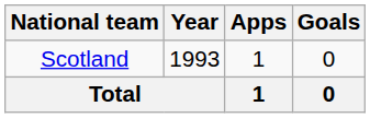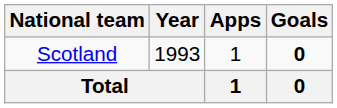 <table class=wikitable style=text-align:center>
 <tr>
 <th>National team</th>
 <th>Year</th>
 <th>Apps</th>
 <th>Goals</th>
 </tr>
 <tr>
 <td><a href='#'>Scotland</a></td>
 <td>1993</td>
 <td>1</td>
-<td>0</td>
+<td><strong>0</strong></td>
 </tr>
 <tr>
 <th colspan=2>Total</th>
 <th>1</th>
 <th>0</th>
 </tr>
 </table>
